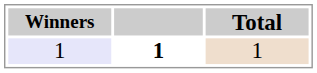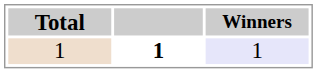 <table style="border: 1px solid #999; background-color:#FFFFFF; line-height:16px; text-align:center">
 <tr>
+<th width="70" style="background-color: #ccc;">Total</th>
+<th width="60" style="background-color: #ccc;"><small></small></th>
 <th width="70" style="background-color: #ccc;"><small>Winners</small></th>
-<th width="60" style="background-color: #ccc;"><small></small></th>
-<th width="70" style="background-color: #ccc;">Total</th>
 </tr>
 <tr>
+<td bgcolor="#EFDECD">1</td>
+<td><strong>1</strong></td>
 <td bgcolor="#E6E6FA">1</td>
-<td><strong>1</strong></td>
-<td bgcolor="#EFDECD">1</td>
 </tr>
 </table>
